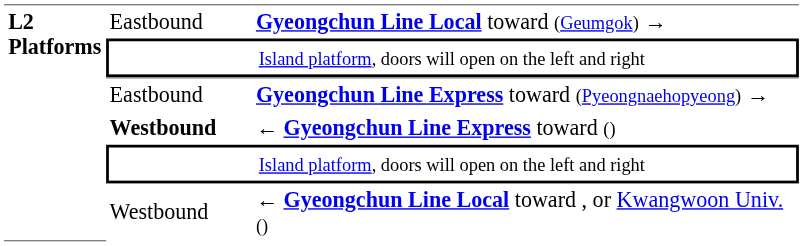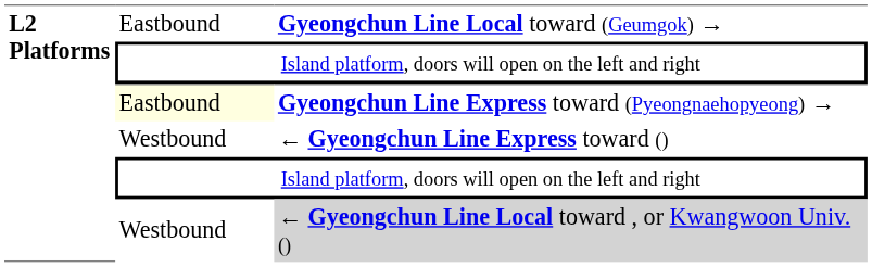 <table table border=0 cellspacing=0 cellpadding=3>
 <tr>
 <td style="border-top:solid 1px gray;border-bottom:solid 1px gray;" width=50 rowspan=6 valign=top><strong>L2<br>Platforms</strong></td>
 <td style="border-bottom:solid 0px gray;border-top:solid 1px gray;" width=100>Eastbound</td>
 <td style="border-bottom:solid 0px gray;border-top:solid 1px gray;" width=390> <a href='#'><span><strong>Gyeongchun Line Local</strong></span></a> toward  <small>(<a href='#'>Geumgok</a>)</small> →</td>
 </tr>
 <tr>
 <td style="border-top:solid 2px black;border-right:solid 2px black;border-left:solid 2px black;border-bottom:solid 2px black;text-align:center;" colspan=2><small><a href='#'>Island platform</a>, doors will open on the left and right</small></td>
 </tr>
 <tr>
-<td style="border-bottom:solid 0px gray;border-top:solid 1px gray;" width=100>Eastbound</td>
+<td style="background: lightyellow; border-bottom:solid 0px gray;border-top:solid 1px gray;" width=100>Eastbound</td>
 <td style="border-bottom:solid 0px gray;border-top:solid 1px gray;" width=390> <a href='#'><span><strong>Gyeongchun Line Express</strong></span></a> toward  <small>(<a href='#'>Pyeongnaehopyeong</a>)</small> →</td>
 </tr>
 <tr>
-<td><strong>Westbound</strong></td>
+<td>Westbound</td>
 <td>← <a href='#'><span><strong>Gyeongchun Line Express</strong></span></a> toward  <small>()</small></td>
 </tr>
 <tr>
 <td style="border-top:solid 2px black;border-right:solid 2px black;border-left:solid 2px black;border-bottom:solid 2px black;text-align:center;" colspan=2><small><a href='#'>Island platform</a>, doors will open on the left and right</small></td>
 </tr>
 <tr>
 <td>Westbound</td>
-<td>← <a href='#'><span><strong>Gyeongchun Line Local</strong></span></a> toward ,  or <a href='#'>Kwangwoon Univ.</a>  <small>()</small></td>
+<td style="background: lightgrey;">← <a href='#'><span><strong>Gyeongchun Line Local</strong></span></a> toward ,  or <a href='#'>Kwangwoon Univ.</a>  <small>()</small></td>
 </tr>
 </table>
